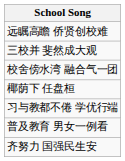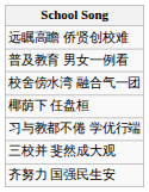 <table class="wikitable">
 <tr>
 <th>School Song</th>
 </tr>
 <tr>
 <td>远瞩高瞻 侨贤创校难</td>
 </tr>
 <tr>
-<td>三校并 斐然成大观</td>
+<td>普及教育 男女一例看</td>
 </tr>
 <tr>
 <td>校舍傍水湾 融合气一团</td>
 </tr>
 <tr>
 <td>椰荫下 任盘桓</td>
 </tr>
 <tr>
 <td>习与教都不倦 学优行端</td>
 </tr>
 <tr>
-<td>普及教育 男女一例看</td>
+<td>三校并 斐然成大观</td>
 </tr>
 <tr>
 <td>齐努力 国强民生安</td>
 </tr>
 </table>
